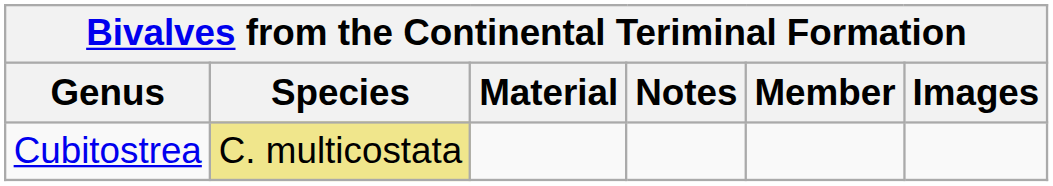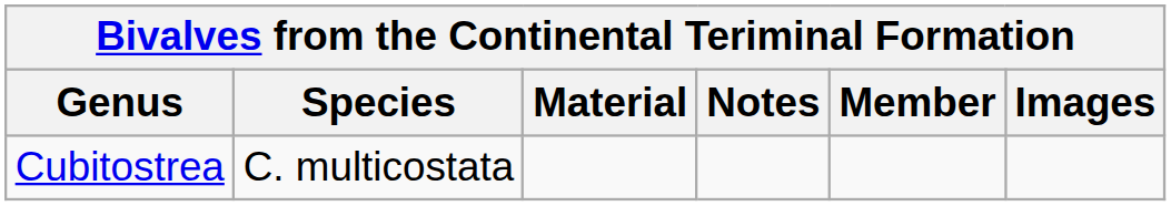 <table class="wikitable">
 <tr>
 <th colspan="6"><strong><a href='#'>Bivalves</a> from the Continental Teriminal Formation</strong></th>
 </tr>
 <tr>
 <th>Genus</th>
 <th>Species</th>
 <th>Material</th>
 <th>Notes</th>
 <th>Member</th>
 <th>Images</th>
 </tr>
 <tr>
 <td><a href='#'>Cubitostrea</a></td>
-<td style="background: khaki;">C. multicostata</td>
+<td>C. multicostata</td>
 <td></td>
 <td></td>
 <td></td>
 <td></td>
 </tr>
 </table>
